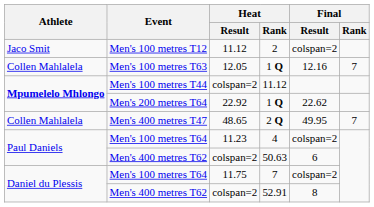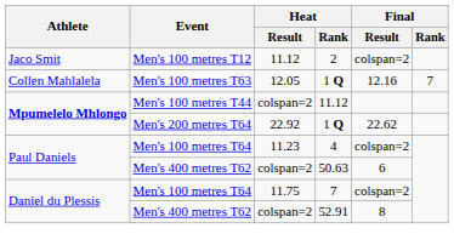 <table class="wikitable" style="font-size:90%">
 <tr>
 <th rowspan="2">Athlete</th>
 <th rowspan="2">Event</th>
 <th colspan="2">Heat</th>
 <th colspan="2">Final</th>
 </tr>
 <tr style="font-size:95%">
 <th>Result</th>
 <th>Rank</th>
 <th>Result</th>
 <th>Rank</th>
 </tr>
 <tr align=center>
 <td align=left><a href='#'>Jaco Smit</a></td>
 <td align=left><a href='#'>Men's 100 metres T12</a></td>
 <td>11.12</td>
 <td>2</td>
 <td>colspan=2 </td>
 </tr>
 <tr align=center>
 <td align=left><a href='#'>Collen Mahlalela</a></td>
 <td align=left><a href='#'>Men's 100 metres T63</a></td>
 <td>12.05</td>
 <td>1 <strong>Q</strong></td>
 <td>12.16</td>
 <td>7</td>
 </tr>
 <tr align=center>
 <td align=left rowspan=2><strong><a href='#'>Mpumelelo Mhlongo</a></strong></td>
 <td align=left><a href='#'>Men's 100 metres T44</a></td>
 <td>colspan=2 </td>
 <td>11.12</td>
 <td></td>
 </tr>
 <tr align=center>
 <td align=left><a href='#'>Men's 200 metres T64</a></td>
 <td>22.92</td>
 <td>1 <strong>Q</strong></td>
 <td>22.62</td>
 <td></td>
 </tr>
 <tr align=center>
-<td align=left><a href='#'>Collen Mahlalela</a></td>
-<td align=left><a href='#'>Men's 400 metres T47</a></td>
-<td>48.65</td>
-<td>2 <strong>Q</strong></td>
-<td>49.95</td>
-<td>7</td>
-</tr>
-<tr align=center>
 <td align=left rowspan=2><a href='#'>Paul Daniels</a></td>
 <td align=left><a href='#'>Men's 100 metres T64</a></td>
 <td>11.23</td>
 <td>4</td>
 <td>colspan=2 </td>
 </tr>
 <tr align=center>
 <td align=left><a href='#'>Men's 400 metres T62</a></td>
 <td>colspan=2 </td>
 <td>50.63</td>
 <td>6</td>
 </tr>
 <tr align=center>
 <td align=left rowspan=2><a href='#'>Daniel du Plessis</a></td>
 <td align=left><a href='#'>Men's 100 metres T64</a></td>
 <td>11.75</td>
 <td>7</td>
 <td>colspan=2 </td>
 </tr>
 <tr align=center>
 <td align=left><a href='#'>Men's 400 metres T62</a></td>
 <td>colspan=2 </td>
 <td>52.91</td>
 <td>8</td>
 </tr>
 </table>
